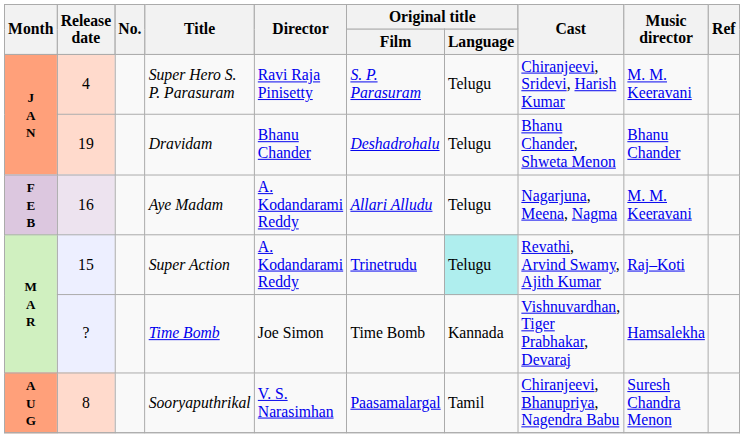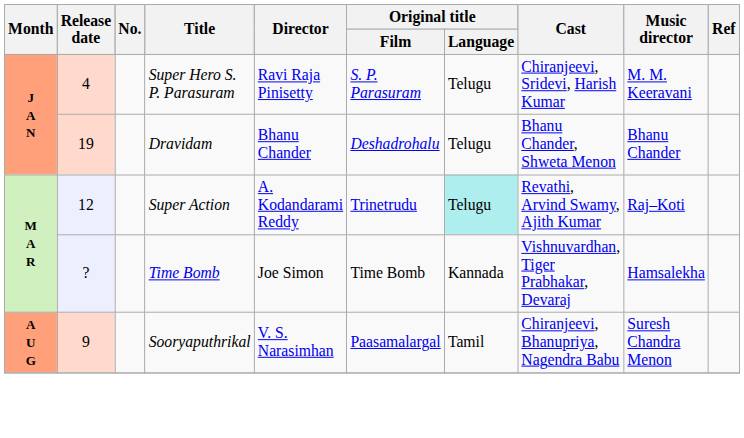 <table class="wikitable">
 <tr style="background:#000;">
 <th rowspan="2">Month</th>
 <th scop="col" rowspan="2">Release date</th>
 <th scope="col" rowspan="2">No.</th>
 <th scope="col" rowspan="2">Title</th>
 <th scope="col" rowspan="2">Director</th>
 <th scope="col" colspan="2">Original title</th>
 <th scope="col" rowspan="2">Cast</th>
 <th scope="col" rowspan="2">Music director</th>
 <th scope="col" rowspan="2">Ref</th>
 </tr>
 <tr>
 <th scope="col">Film</th>
 <th scope="col">Language</th>
 </tr>
 <tr>
 <td rowspan="2" style="text-align:center; background:#ffa07a; textcolor:#000;"><small><strong>J<br>A<br>N</strong></small></td>
 <td style="text-align:center; background:#ffdacc; textcolor:#000;">4</td>
 <td></td>
 <td><em>Super Hero S. P. Parasuram</em></td>
 <td><a href='#'>Ravi Raja Pinisetty</a></td>
 <td><em><a href='#'>S. P. Parasuram</a></em></td>
 <td>Telugu</td>
 <td><a href='#'>Chiranjeevi</a>, <a href='#'>Sridevi</a>, <a href='#'>Harish Kumar</a></td>
 <td><a href='#'>M. M. Keeravani</a></td>
 <td></td>
 </tr>
 <tr>
 <td style="text-align:center; background:#ffdacc; textcolor:#000;">19</td>
 <td></td>
 <td><em>Dravidam</em></td>
 <td><a href='#'>Bhanu Chander</a></td>
 <td><em><a href='#'>Deshadrohalu</a></em></td>
 <td>Telugu</td>
 <td><a href='#'>Bhanu Chander</a>, <a href='#'>Shweta Menon</a></td>
 <td><a href='#'>Bhanu Chander</a></td>
 <td></td>
 </tr>
 <tr>
-<td rowspan="1" style="text-align:center; background:#dcc7df; textcolor:#000;"><small><strong>F<br>E<br>B</strong></small></td>
-<td style="text-align:center; background:#ede3ef; textcolor:#000;">16</td>
-<td></td>
-<td><em>Aye Madam</em></td>
-<td><a href='#'>A. Kodandarami Reddy</a></td>
-<td><em><a href='#'>Allari Alludu</a></em></td>
-<td>Telugu</td>
-<td><a href='#'>Nagarjuna</a>, <a href='#'>Meena</a>, <a href='#'>Nagma</a></td>
-<td><a href='#'>M. M. Keeravani</a></td>
-<td></td>
-</tr>
-<tr>
 <td rowspan="2" style="text-align:center; background:#d0f0c0; textcolor:#000;"><small><strong>M<br>A<br>R</strong></small></td>
-<td style="text-align:center; background:#edefff; textcolor:#000;">15</td>
+<td style="text-align:center; background:#edefff; textcolor:#000;">12</td>
 <td></td>
 <td><em>Super Action</em></td>
 <td><a href='#'>A. Kodandarami Reddy</a></td>
 <td><a href='#'>Trinetrudu</a></td>
 <td style="background: paleturquoise;">Telugu</td>
 <td><a href='#'>Revathi</a>, <a href='#'>Arvind Swamy</a>, <a href='#'>Ajith Kumar</a></td>
 <td><a href='#'>Raj–Koti</a></td>
 <td></td>
 </tr>
 <tr>
 <td style="text-align:center; background:#edefff; textcolor:#000;">?</td>
 <td></td>
 <td><em><a href='#'>Time Bomb</a></em></td>
 <td>Joe Simon</td>
 <td>Time Bomb</td>
 <td>Kannada</td>
 <td><a href='#'>Vishnuvardhan</a>, <a href='#'>Tiger Prabhakar</a>, <a href='#'>Devaraj</a></td>
 <td><a href='#'>Hamsalekha</a></td>
 <td></td>
 </tr>
 <tr>
 <td rowspan="1" style="text-align:center; background:#ffa07a; textcolor:#000;"><small><strong>A<br>U<br>G</strong></small></td>
-<td style="text-align:center; background:#ffdacc; textcolor:#000;">8</td>
+<td style="text-align:center; background:#ffdacc; textcolor:#000;">9</td>
 <td></td>
 <td><em>Sooryaputhrikal</em></td>
 <td><a href='#'>V. S. Narasimhan</a></td>
 <td><a href='#'>Paasamalargal</a></td>
 <td>Tamil</td>
 <td><a href='#'>Chiranjeevi</a>, <a href='#'>Bhanupriya</a>, <a href='#'>Nagendra Babu</a></td>
 <td><a href='#'>Suresh Chandra Menon</a></td>
 <td></td>
 </tr>
 <tr>
 </tr>
 </table>
